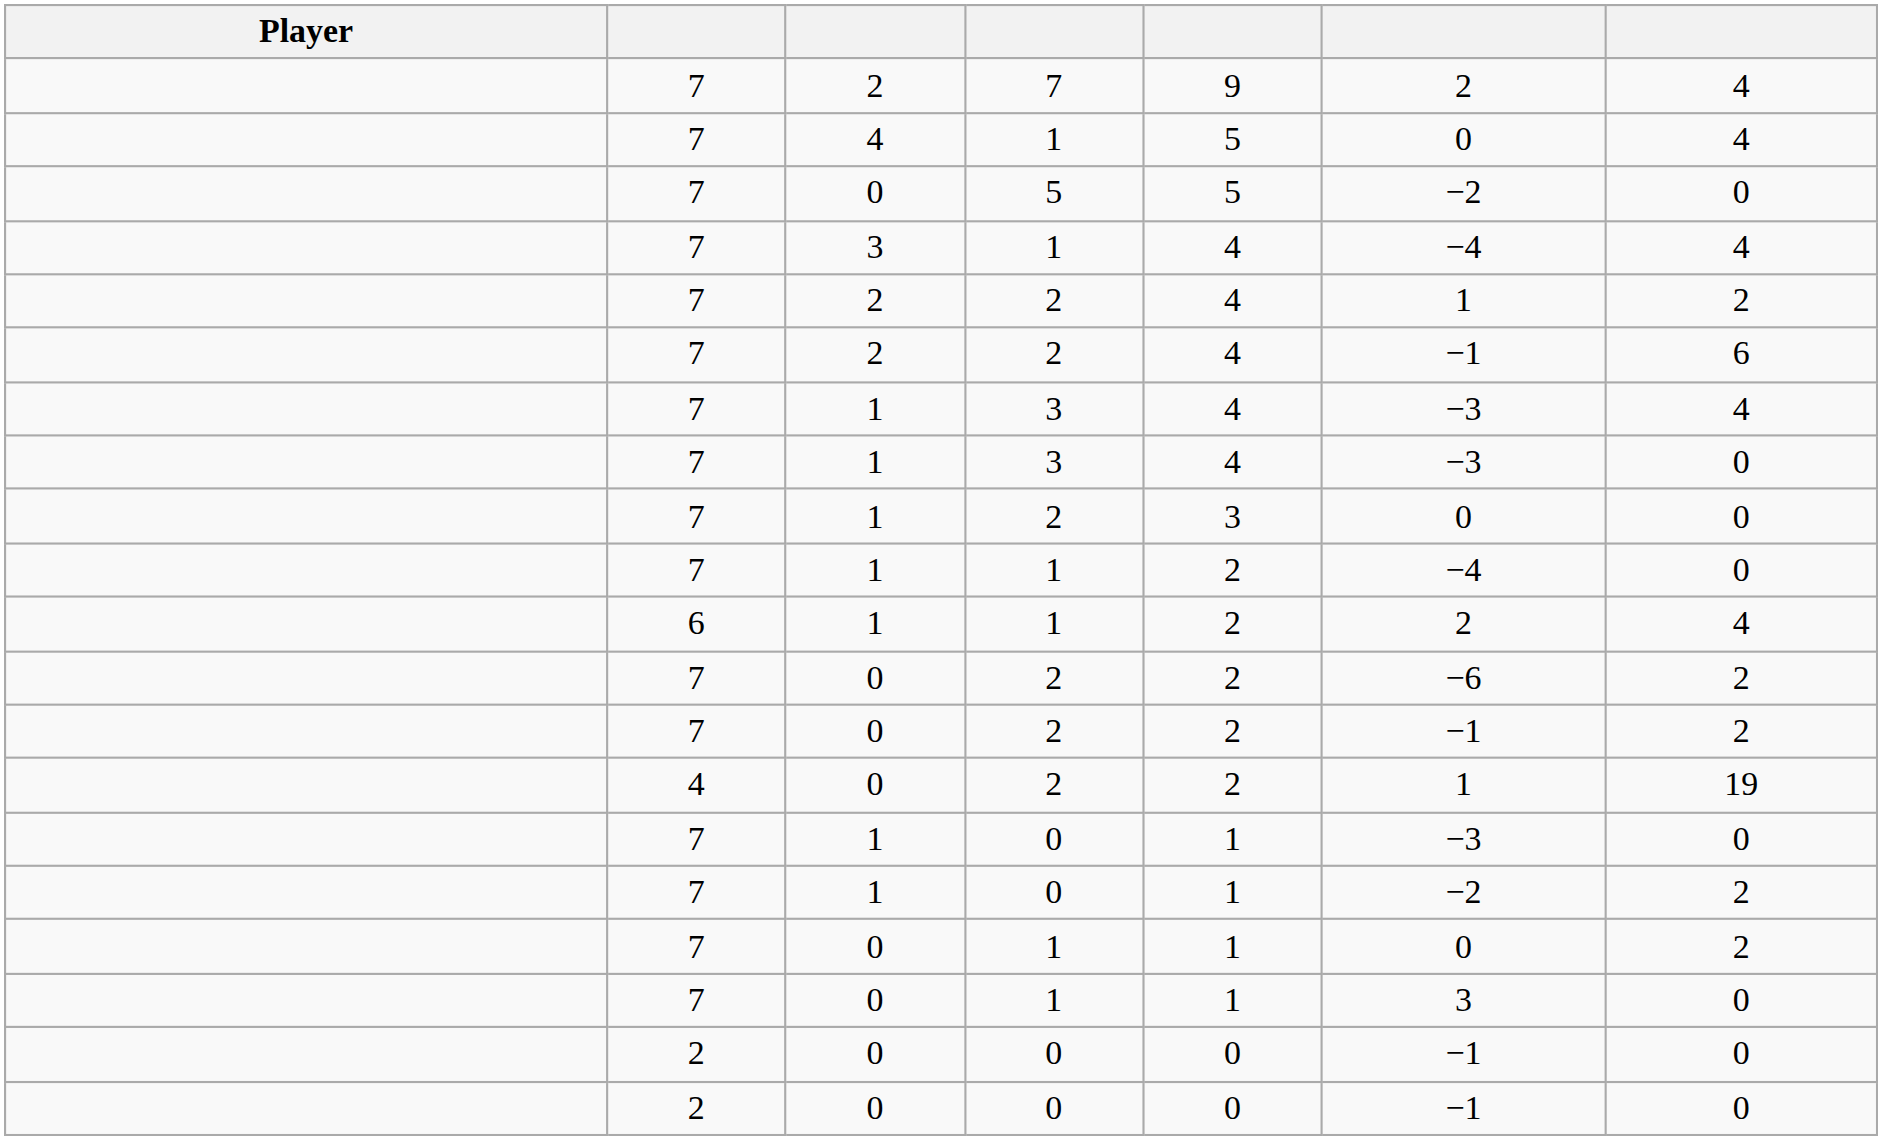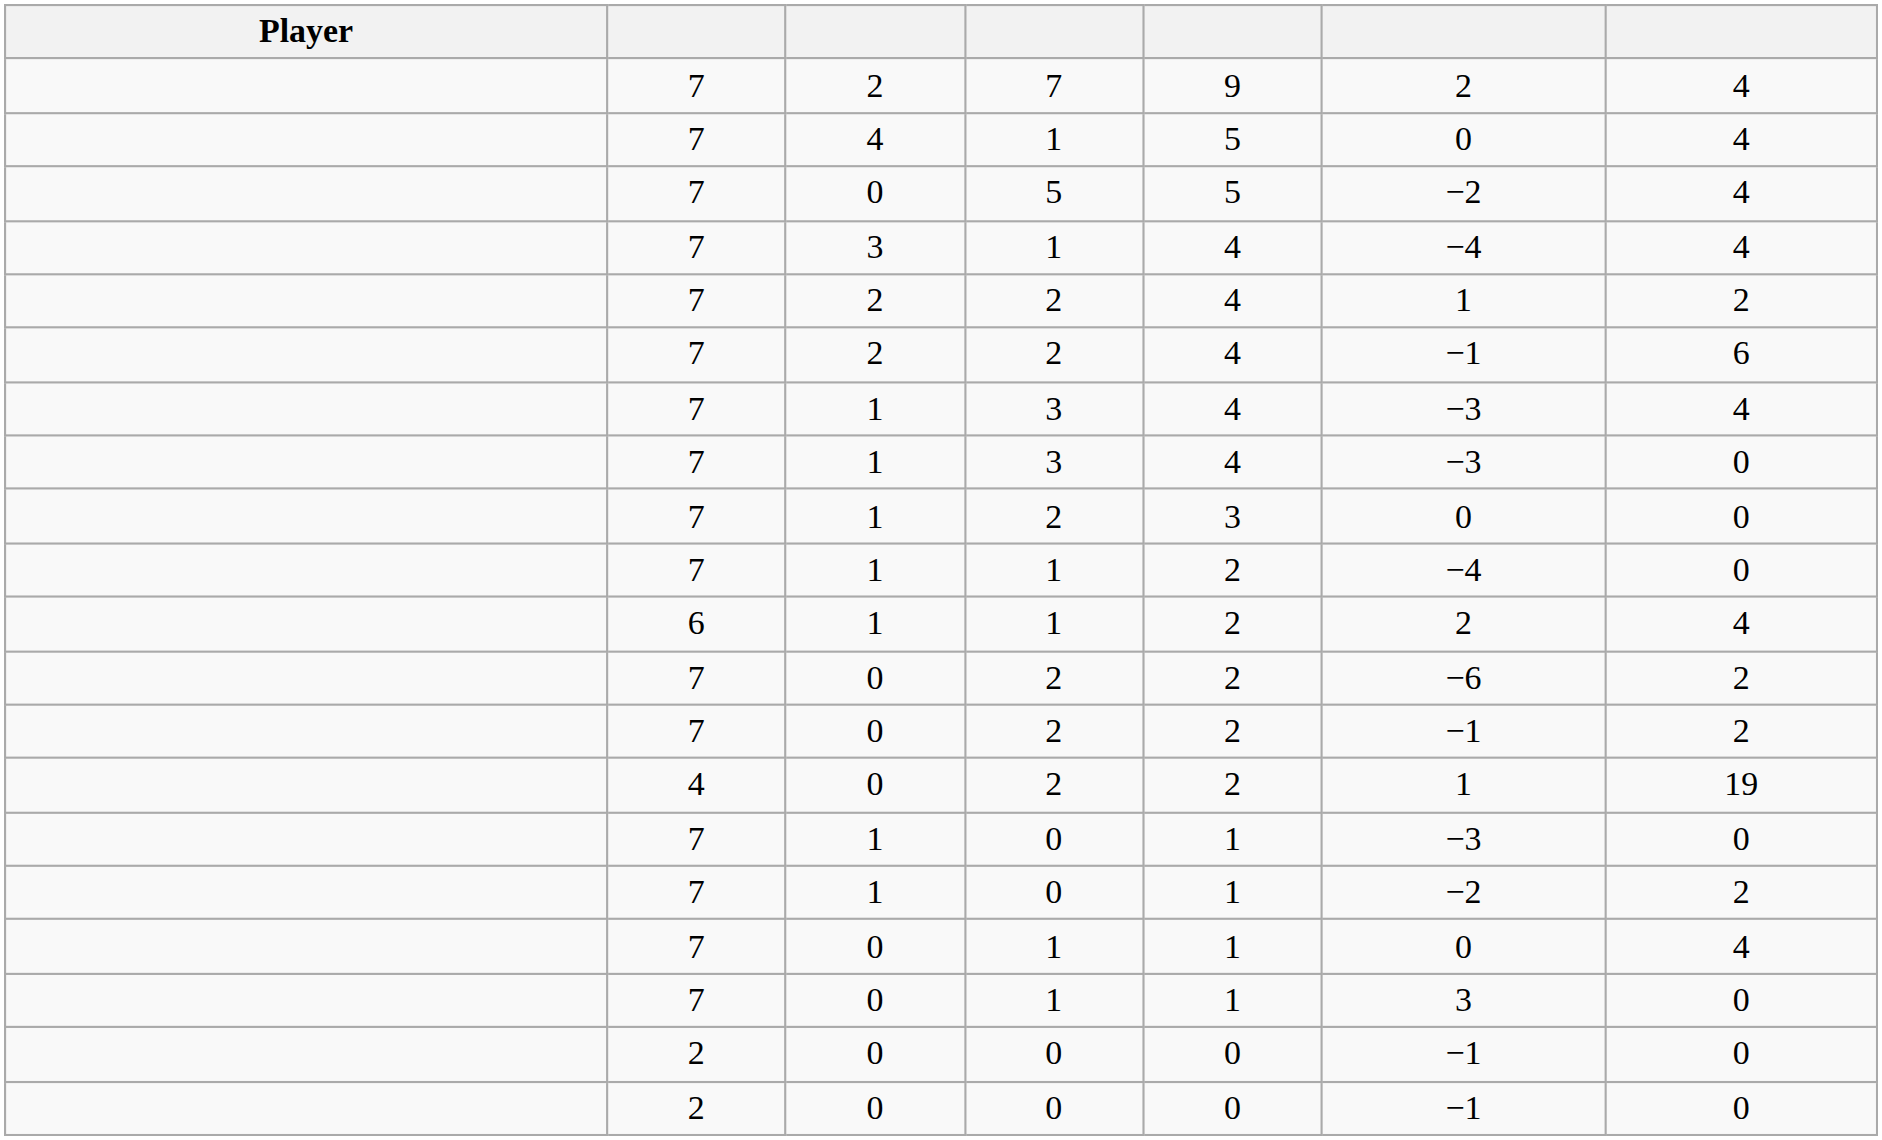 <table class="wikitable sortable" style="width:100%; text-align:center;">
 <tr>
 <th>Player</th>
 <th></th>
 <th></th>
 <th></th>
 <th></th>
 <th data-sort-type="number"></th>
 <th></th>
 </tr>
 <tr>
 <td></td>
 <td>7</td>
 <td>2</td>
 <td>7</td>
 <td>9</td>
 <td>2</td>
 <td>4</td>
 </tr>
 <tr>
 <td></td>
 <td>7</td>
 <td>4</td>
 <td>1</td>
 <td>5</td>
 <td>0</td>
 <td>4</td>
 </tr>
 <tr>
 <td></td>
 <td>7</td>
 <td>0</td>
 <td>5</td>
 <td>5</td>
 <td>−2</td>
-<td>0</td>
+<td>4</td>
 </tr>
 <tr>
 <td></td>
 <td>7</td>
 <td>3</td>
 <td>1</td>
 <td>4</td>
 <td>−4</td>
 <td>4</td>
 </tr>
 <tr>
 <td></td>
 <td>7</td>
 <td>2</td>
 <td>2</td>
 <td>4</td>
 <td>1</td>
 <td>2</td>
 </tr>
 <tr>
 <td></td>
 <td>7</td>
 <td>2</td>
 <td>2</td>
 <td>4</td>
 <td>−1</td>
 <td>6</td>
 </tr>
 <tr>
 <td></td>
 <td>7</td>
 <td>1</td>
 <td>3</td>
 <td>4</td>
 <td>−3</td>
 <td>4</td>
 </tr>
 <tr>
 <td></td>
 <td>7</td>
 <td>1</td>
 <td>3</td>
 <td>4</td>
 <td>−3</td>
 <td>0</td>
 </tr>
 <tr>
 <td></td>
 <td>7</td>
 <td>1</td>
 <td>2</td>
 <td>3</td>
 <td>0</td>
 <td>0</td>
 </tr>
 <tr>
 <td></td>
 <td>7</td>
 <td>1</td>
 <td>1</td>
 <td>2</td>
 <td>−4</td>
 <td>0</td>
 </tr>
 <tr>
 <td></td>
 <td>6</td>
 <td>1</td>
 <td>1</td>
 <td>2</td>
 <td>2</td>
 <td>4</td>
 </tr>
 <tr>
 <td></td>
 <td>7</td>
 <td>0</td>
 <td>2</td>
 <td>2</td>
 <td>−6</td>
 <td>2</td>
 </tr>
 <tr>
 <td></td>
 <td>7</td>
 <td>0</td>
 <td>2</td>
 <td>2</td>
 <td>−1</td>
 <td>2</td>
 </tr>
 <tr>
 <td></td>
 <td>4</td>
 <td>0</td>
 <td>2</td>
 <td>2</td>
 <td>1</td>
 <td>19</td>
 </tr>
 <tr>
 <td></td>
 <td>7</td>
 <td>1</td>
 <td>0</td>
 <td>1</td>
 <td>−3</td>
 <td>0</td>
 </tr>
 <tr>
 <td></td>
 <td>7</td>
 <td>1</td>
 <td>0</td>
 <td>1</td>
 <td>−2</td>
 <td>2</td>
 </tr>
 <tr>
 <td></td>
 <td>7</td>
 <td>0</td>
 <td>1</td>
 <td>1</td>
 <td>0</td>
-<td>2</td>
+<td>4</td>
 </tr>
 <tr>
 <td></td>
 <td>7</td>
 <td>0</td>
 <td>1</td>
 <td>1</td>
 <td>3</td>
 <td>0</td>
 </tr>
 <tr>
 <td></td>
 <td>2</td>
 <td>0</td>
 <td>0</td>
 <td>0</td>
 <td>−1</td>
 <td>0</td>
 </tr>
 <tr>
 <td></td>
 <td>2</td>
 <td>0</td>
 <td>0</td>
 <td>0</td>
 <td>−1</td>
 <td>0</td>
 </tr>
 </table>
